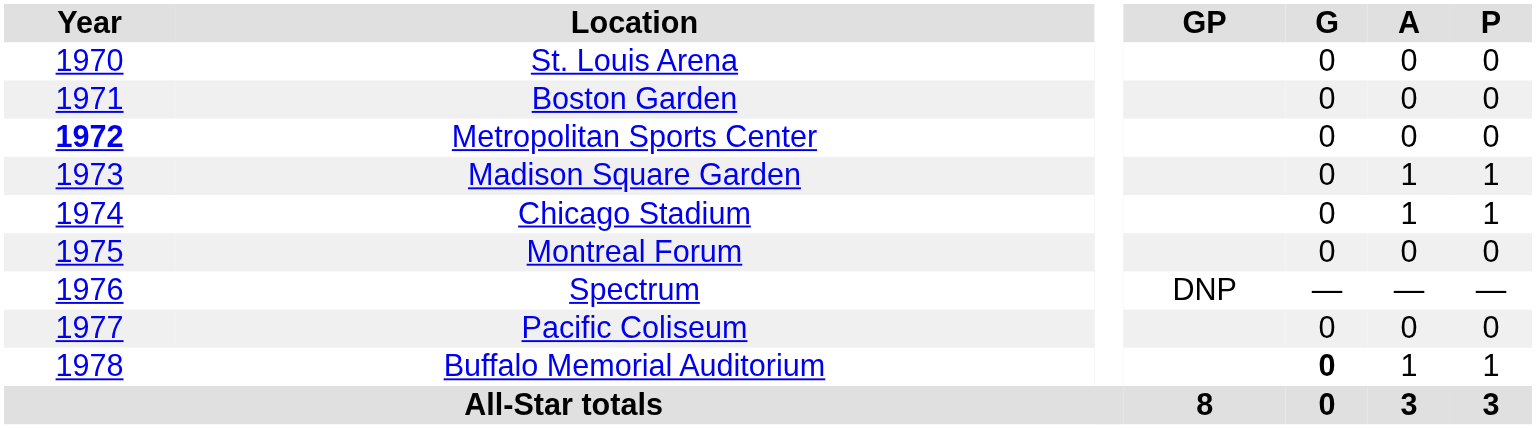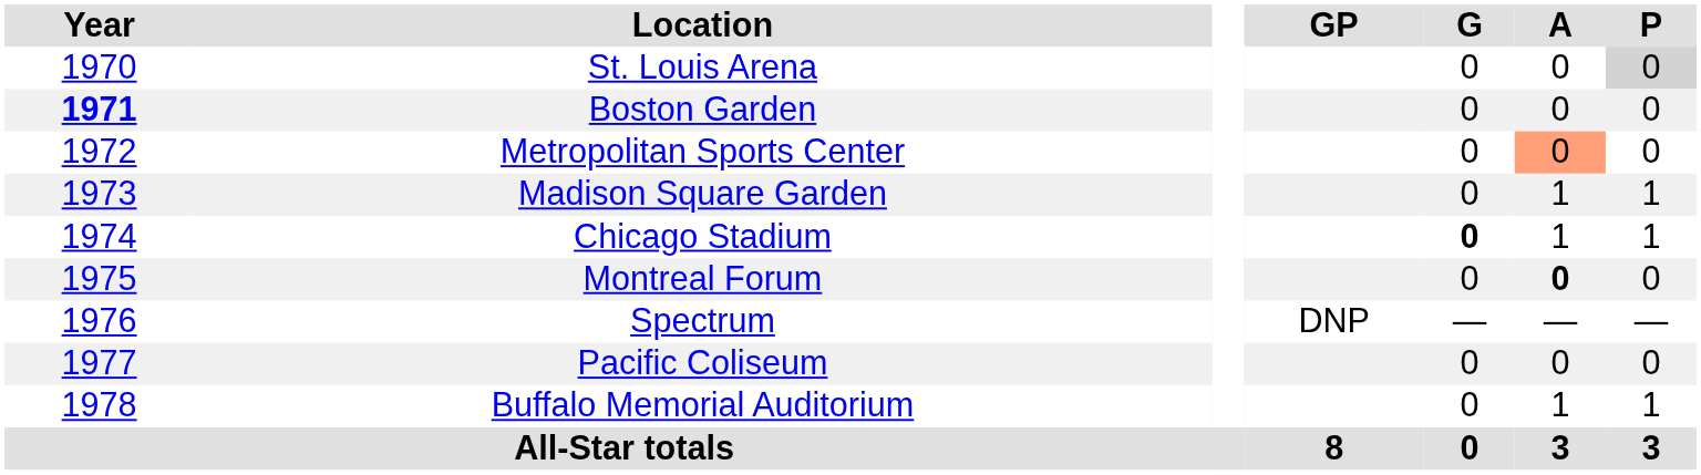 <table border="0" cellpadding="1" cellspacing="0" ID="Table3" style="text-align:center; width:50em">
 <tr bgcolor="#e0e0e0">
 <th>Year</th>
 <th>Location</th>
 <th rowspan="99" bgcolor="#ffffff"> </th>
 <th>GP</th>
 <th>G</th>
 <th>A</th>
 <th>P</th>
 </tr>
 <tr>
 <td><a href='#'>1970</a></td>
 <td><a href='#'>St. Louis Arena</a></td>
 <td></td>
 <td>0</td>
 <td>0</td>
-<td>0</td>
+<td style="background: lightgrey;">0</td>
 </tr>
 <tr bgcolor="#f0f0f0">
-<td><a href='#'>1971</a></td>
+<td><strong><a href='#'>1971</a></strong></td>
 <td><a href='#'>Boston Garden</a></td>
 <td></td>
 <td>0</td>
 <td>0</td>
 <td>0</td>
 </tr>
 <tr>
-<td><strong><a href='#'>1972</a></strong></td>
+<td><a href='#'>1972</a></td>
 <td><a href='#'>Metropolitan Sports Center</a></td>
 <td></td>
 <td>0</td>
-<td>0</td>
+<td style="background: lightsalmon;">0</td>
 <td>0</td>
 </tr>
 <tr bgcolor="#f0f0f0">
 <td><a href='#'>1973</a></td>
 <td><a href='#'>Madison Square Garden</a></td>
 <td></td>
 <td>0</td>
 <td>1</td>
 <td>1</td>
 </tr>
 <tr>
 <td><a href='#'>1974</a></td>
 <td><a href='#'>Chicago Stadium</a></td>
 <td></td>
-<td>0</td>
+<td><strong>0</strong></td>
 <td>1</td>
 <td>1</td>
 </tr>
 <tr bgcolor="#f0f0f0">
 <td><a href='#'>1975</a></td>
 <td><a href='#'>Montreal Forum</a></td>
 <td></td>
 <td>0</td>
-<td>0</td>
+<td><strong>0</strong></td>
 <td>0</td>
 </tr>
 <tr>
 <td><a href='#'>1976</a></td>
 <td><a href='#'>Spectrum</a></td>
 <td>DNP</td>
 <td>—</td>
 <td>—</td>
 <td>—</td>
 </tr>
 <tr bgcolor="#f0f0f0">
 <td><a href='#'>1977</a></td>
 <td><a href='#'>Pacific Coliseum</a></td>
 <td></td>
 <td>0</td>
 <td>0</td>
 <td>0</td>
 </tr>
 <tr>
 <td><a href='#'>1978</a></td>
 <td><a href='#'>Buffalo Memorial Auditorium</a></td>
 <td></td>
-<td><strong>0</strong></td>
+<td>0</td>
 <td>1</td>
 <td>1</td>
 </tr>
 <tr bgcolor="#e0e0e0">
 <th colspan=3>All-Star totals</th>
 <th>8</th>
 <th>0</th>
 <th>3</th>
 <th>3</th>
 </tr>
 </table>
